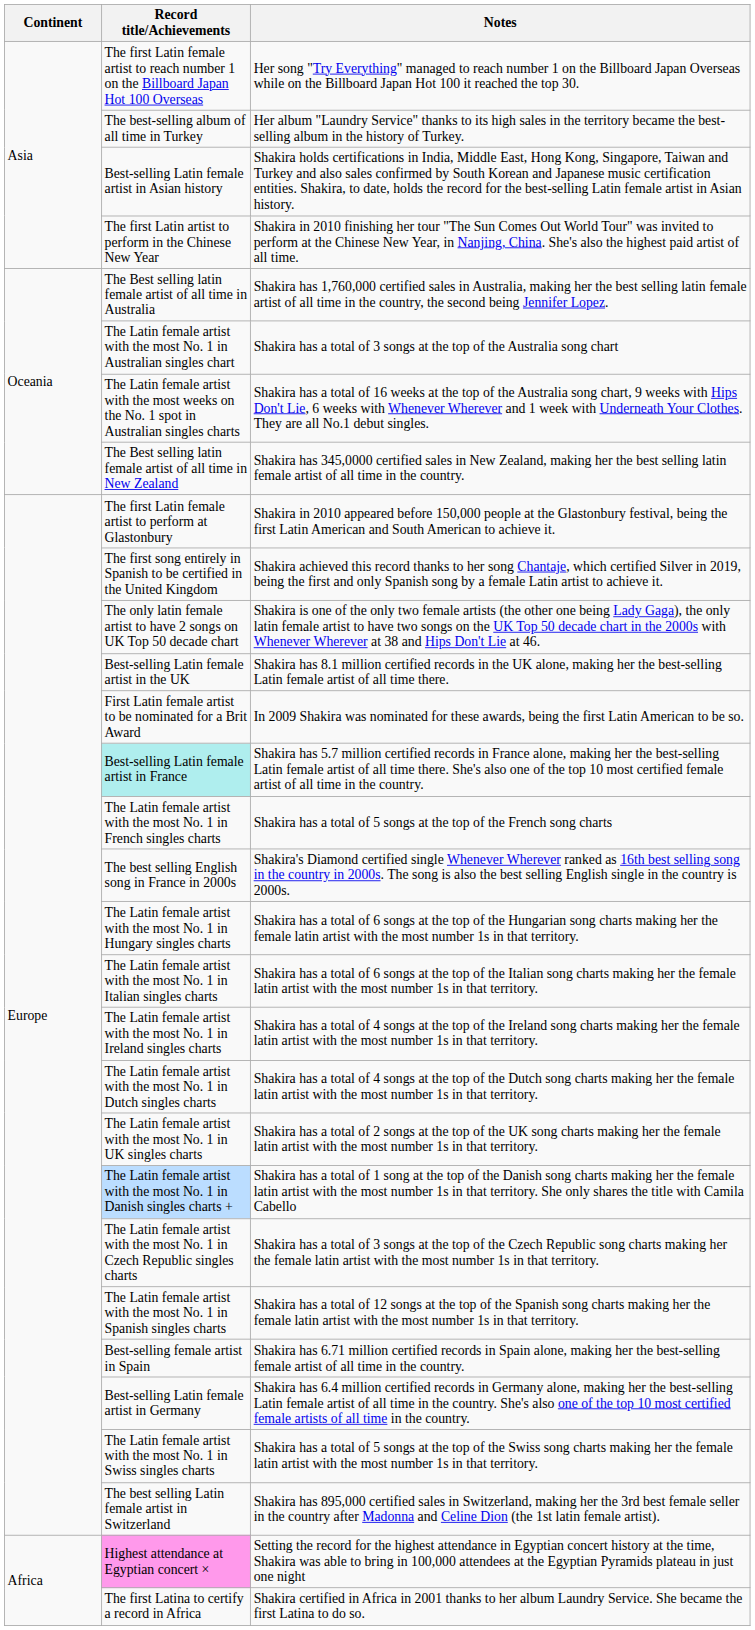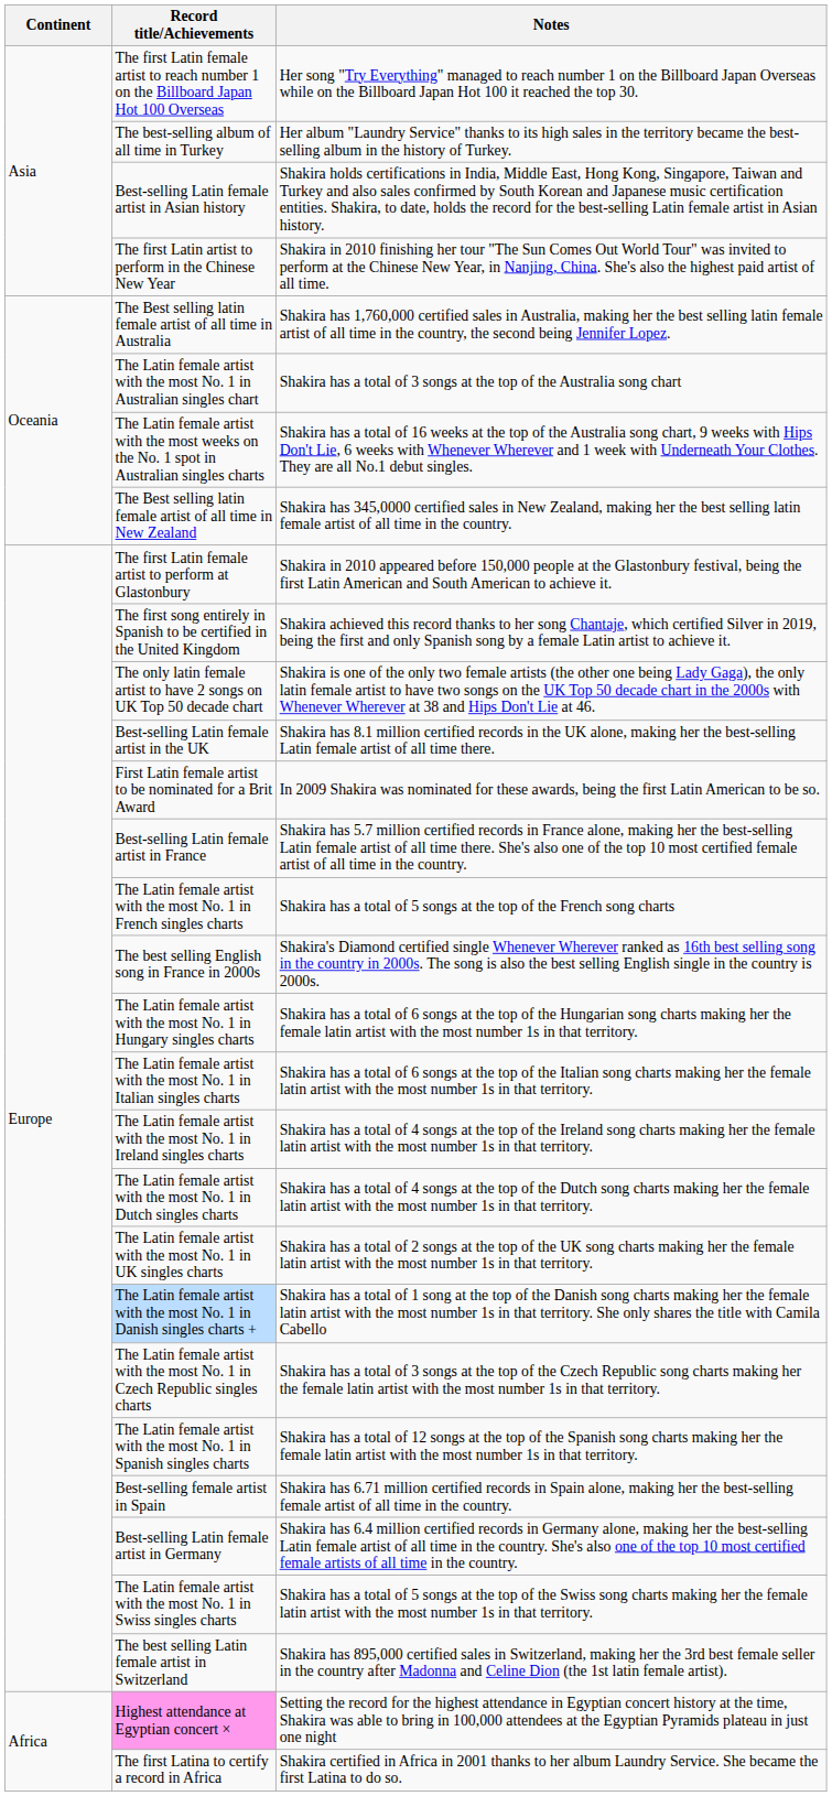 <table class="wikitable sortable plainrowheaders">
 <tr>
 <th>Continent</th>
 <th scope="col" width="20%">Record title/Achievements</th>
 <th scope="col" width="67%">Notes</th>
 </tr>
 <tr>
 <td rowspan="4">Asia</td>
 <td>The first Latin female artist to reach number 1 on the <a href='#'>Billboard Japan Hot 100 Overseas</a></td>
 <td>Her song "<a href='#'>Try Everything</a>" managed to reach number 1 on the Billboard Japan Overseas while on the Billboard Japan Hot 100 it reached the top 30.</td>
 </tr>
 <tr>
 <td>The best-selling album of all time in Turkey</td>
 <td>Her album "Laundry Service" thanks to its high sales in the territory became the best-selling album in the history of Turkey.</td>
 </tr>
 <tr>
 <td>Best-selling Latin female artist in Asian history</td>
 <td>Shakira holds certifications in India, Middle East, Hong Kong, Singapore, Taiwan and Turkey and also sales confirmed by South Korean and Japanese music certification entities. Shakira, to date, holds the record for the best-selling Latin female artist in Asian history.</td>
 </tr>
 <tr>
 <td>The first Latin artist to perform in the Chinese New Year</td>
 <td>Shakira in 2010 finishing her tour "The Sun Comes Out World Tour" was invited to perform at the Chinese New Year, in <a href='#'>Nanjing, China</a>. She's also the highest paid artist of all time. </td>
 </tr>
 <tr>
 <td rowspan="4">Oceania</td>
 <td>The Best selling latin female artist of all time in Australia</td>
 <td>Shakira has 1,760,000 certified sales in Australia, making her the best selling latin female artist of all time in the country, the second being <a href='#'>Jennifer Lopez</a>.</td>
 </tr>
 <tr>
 <td>The Latin female artist with the most No. 1 in Australian singles chart</td>
 <td>Shakira has a total of 3 songs at the top of the Australia song chart</td>
 </tr>
 <tr>
 <td>The Latin female artist with the most weeks on the No. 1 spot in Australian singles charts</td>
 <td>Shakira has a total of 16 weeks at the top of the Australia song chart, 9 weeks with <a href='#'>Hips Don't Lie</a>, 6 weeks with <a href='#'>Whenever Wherever</a> and 1 week with <a href='#'>Underneath Your Clothes</a>. They are all No.1 debut singles.</td>
 </tr>
 <tr>
 <td>The Best selling latin female artist of all time in <a href='#'>New Zealand</a></td>
 <td>Shakira has 345,0000 certified sales in New Zealand, making her the best selling latin female artist of all time in the country.</td>
 </tr>
 <tr>
 <td rowspan="20">Europe</td>
 <td>The first Latin female artist to perform at Glastonbury</td>
 <td>Shakira in 2010 appeared before 150,000 people at the Glastonbury festival, being the first Latin American and South American to achieve it.</td>
 </tr>
 <tr>
 <td>The first song entirely in Spanish to be certified in the United Kingdom</td>
 <td>Shakira achieved this record thanks to her song <a href='#'>Chantaje</a>, which certified Silver in 2019, being the first and only Spanish song by a female Latin artist to achieve it.</td>
 </tr>
 <tr>
 <td>The only latin female artist to have 2 songs on UK Top 50 decade chart</td>
 <td>Shakira is one of the only two female artists (the other one being <a href='#'>Lady Gaga</a>), the only latin female artist to have two songs on the <a href='#'>UK Top 50 decade chart in the 2000s</a> with <a href='#'>Whenever Wherever</a> at 38 and <a href='#'>Hips Don't Lie</a> at 46.</td>
 </tr>
 <tr>
 <td>Best-selling Latin female artist in the UK</td>
 <td>Shakira has 8.1 million certified records in the UK alone, making her the best-selling Latin female artist of all time there.</td>
 </tr>
 <tr>
 <td>First Latin female artist to be nominated for a Brit Award</td>
 <td>In 2009 Shakira was nominated for these awards, being the first Latin American to be so.</td>
 </tr>
 <tr>
-<td style="background: paleturquoise;">Best-selling Latin female artist in France</td>
+<td>Best-selling Latin female artist in France</td>
 <td>Shakira has 5.7 million certified records in France alone, making her the best-selling Latin female artist of all time there. She's also one of the top 10 most certified female artist of all time in the country.</td>
 </tr>
 <tr>
 <td>The Latin female artist with the most No. 1 in French singles charts</td>
 <td>Shakira has a total of 5 songs at the top of the French song charts</td>
 </tr>
 <tr>
 <td>The best selling English song in France in 2000s</td>
 <td>Shakira's Diamond certified single <a href='#'>Whenever Wherever</a> ranked as <a href='#'>16th best selling song in the country in 2000s</a>. The song is also the best selling English single in the country is 2000s.</td>
 </tr>
 <tr>
 <td>The Latin female artist with the most No. 1 in Hungary singles charts</td>
 <td>Shakira has a total of 6 songs at the top of the Hungarian song charts making her the female latin artist with the most number 1s in that territory.</td>
 </tr>
 <tr>
 <td>The Latin female artist with the most No. 1 in Italian singles charts</td>
 <td>Shakira has a total of 6 songs at the top of the Italian song charts making her the female latin artist with the most number 1s in that territory.</td>
 </tr>
 <tr>
 <td>The Latin female artist with the most No. 1 in Ireland singles charts</td>
 <td>Shakira has a total of 4 songs at the top of the Ireland song charts making her the female latin artist with the most number 1s in that territory.</td>
 </tr>
 <tr>
 <td>The Latin female artist with the most No. 1 in Dutch singles charts</td>
 <td>Shakira has a total of 4 songs at the top of the Dutch song charts making her the female latin artist with the most number 1s in that territory.</td>
 </tr>
 <tr>
 <td>The Latin female artist with the most No. 1 in UK singles charts</td>
 <td>Shakira has a total of 2 songs at the top of the UK song charts making her the female latin artist with the most number 1s in that territory.</td>
 </tr>
 <tr>
 <td style="background-color: #bdf;">The Latin female artist with the most No. 1 in Danish singles charts +</td>
 <td>Shakira has a total of 1 song at the top of the Danish song charts making her the female latin artist with the most number 1s in that territory. She only shares the title with Camila Cabello</td>
 </tr>
 <tr>
 <td>The Latin female artist with the most No. 1 in Czech Republic singles charts</td>
 <td>Shakira has a total of 3 songs at the top of the Czech Republic song charts making her the female latin artist with the most number 1s in that territory.</td>
 </tr>
 <tr>
 <td>The Latin female artist with the most No. 1 in Spanish singles charts</td>
 <td>Shakira has a total of 12 songs at the top of the Spanish song charts making her the female latin artist with the most number 1s in that territory.</td>
 </tr>
 <tr>
 <td>Best-selling female artist in Spain</td>
 <td>Shakira has 6.71 million certified records in Spain alone, making her the best-selling female artist of all time in the country.</td>
 </tr>
 <tr>
 <td>Best-selling Latin female artist in Germany</td>
 <td>Shakira has 6.4 million certified records in Germany alone, making her the best-selling Latin female artist of all time in the country. She's also <a href='#'>one of the top 10 most certified female artists of all time</a> in the country.</td>
 </tr>
 <tr>
 <td>The Latin female artist with the most No. 1 in Swiss singles charts</td>
 <td>Shakira has a total of 5 songs at the top of the Swiss song charts making her the female latin artist with the most number 1s in that territory.</td>
 </tr>
 <tr>
 <td>The best selling Latin female artist in Switzerland</td>
 <td>Shakira has 895,000 certified sales in Switzerland, making her the 3rd best female seller in the country after <a href='#'>Madonna</a> and <a href='#'>Celine Dion</a> (the 1st latin female artist).</td>
 </tr>
 <tr>
 <td rowspan="2">Africa</td>
 <td style="background-color: #ff99eb;">Highest attendance at Egyptian concert ×</td>
 <td>Setting the record for the highest attendance in Egyptian concert history at the time, Shakira was able to bring in 100,000 attendees at the Egyptian Pyramids plateau in just one night</td>
 </tr>
 <tr>
 <td>The first Latina to certify a record in Africa</td>
 <td>Shakira certified in Africa in 2001 thanks to her album Laundry Service. She became the first Latina to do so.</td>
 </tr>
 </table>
